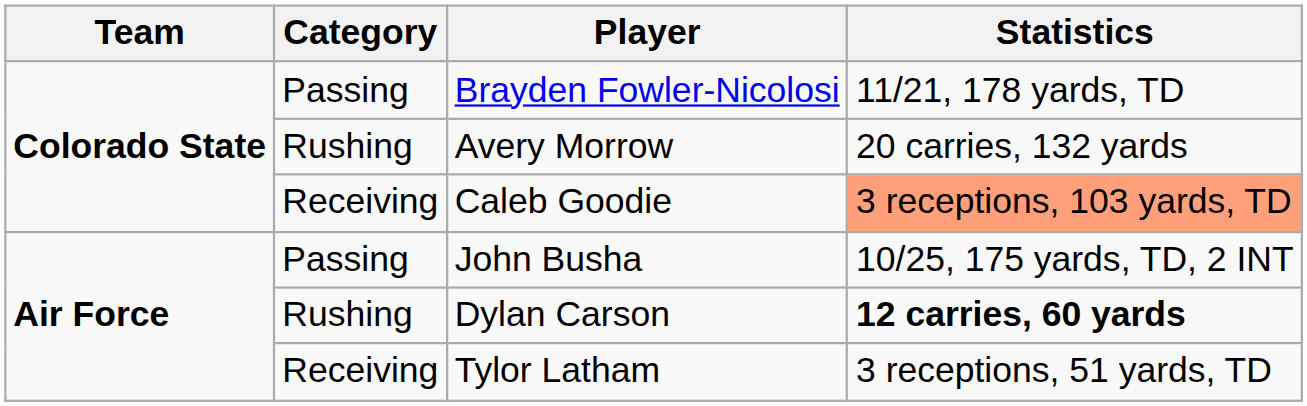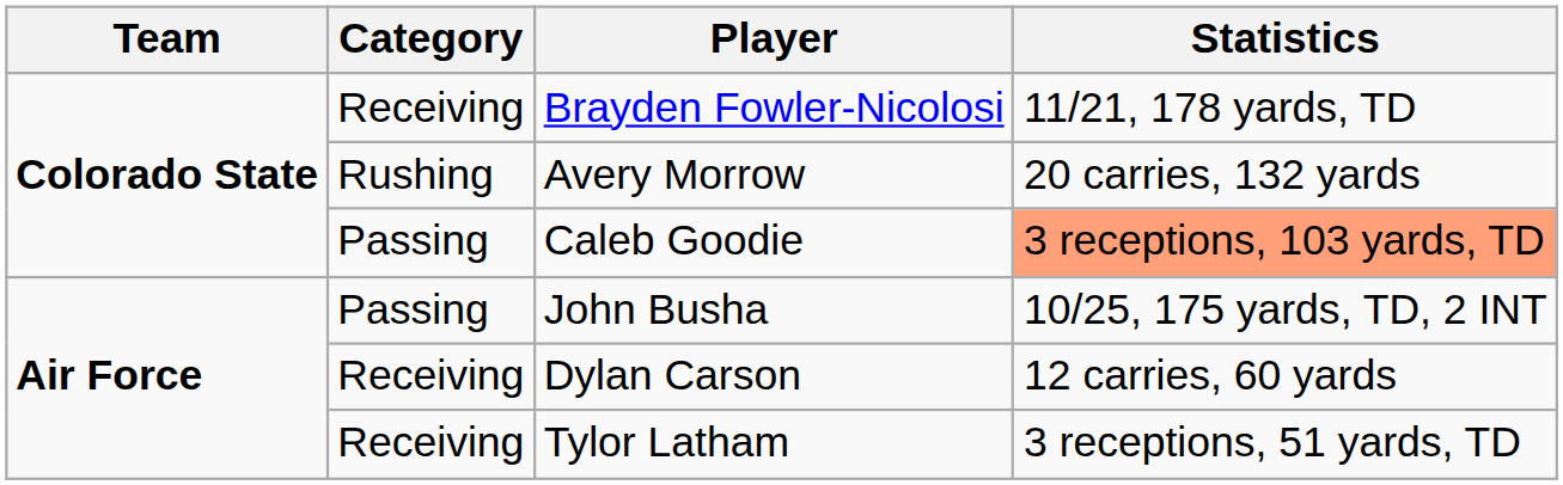 <table class="wikitable" style="float: right;">
 <tr>
 <th>Team</th>
 <th>Category</th>
 <th>Player</th>
 <th>Statistics</th>
 </tr>
 <tr>
 <td rowspan=3><strong>Colorado State</strong></td>
-<td>Passing</td>
+<td>Receiving</td>
 <td><a href='#'>Brayden Fowler-Nicolosi</a></td>
 <td>11/21, 178 yards, TD</td>
 </tr>
 <tr>
 <td>Rushing</td>
 <td>Avery Morrow</td>
 <td>20 carries, 132 yards</td>
 </tr>
 <tr>
-<td>Receiving</td>
+<td>Passing</td>
 <td>Caleb Goodie</td>
 <td style="background: lightsalmon;">3 receptions, 103 yards, TD</td>
 </tr>
 <tr>
 <td rowspan=3><strong>Air Force</strong></td>
 <td>Passing</td>
 <td>John Busha</td>
 <td>10/25, 175 yards, TD, 2 INT</td>
 </tr>
 <tr>
-<td>Rushing</td>
+<td>Receiving</td>
 <td>Dylan Carson</td>
-<td><strong>12 carries, 60 yards</strong></td>
+<td>12 carries, 60 yards</td>
 </tr>
 <tr>
 <td>Receiving</td>
 <td>Tylor Latham</td>
 <td>3 receptions, 51 yards, TD</td>
 </tr>
 </table>
